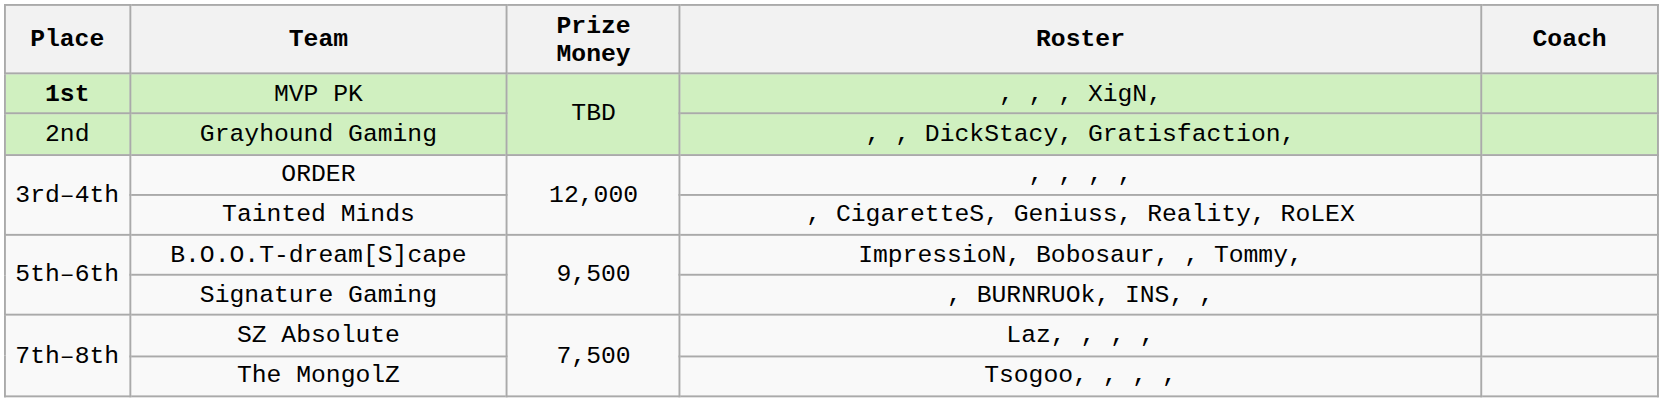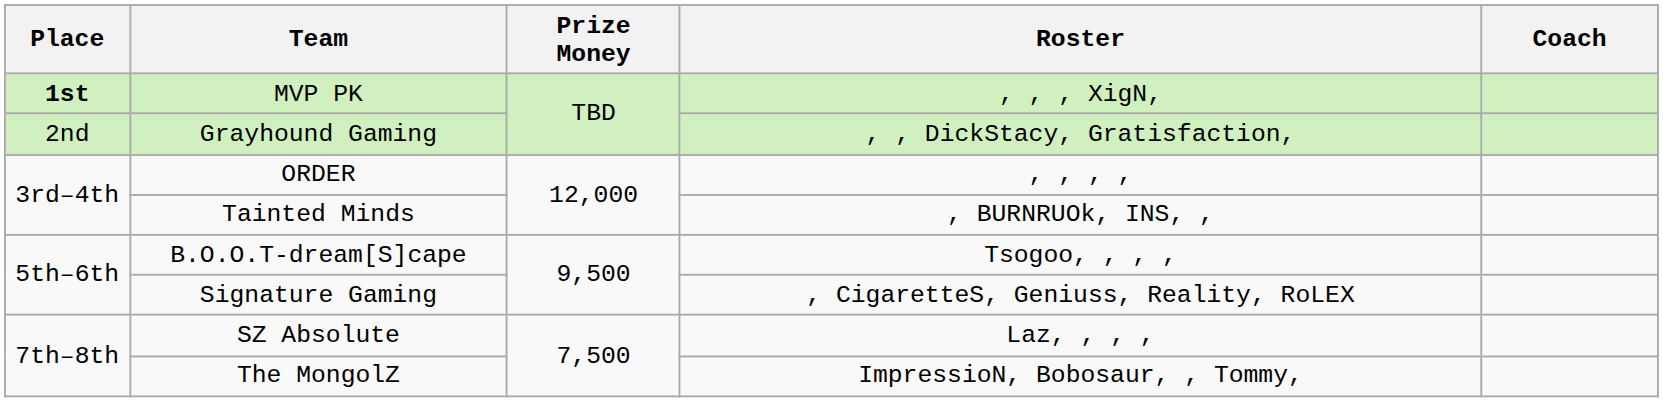 <table class="wikitable" style="text-align:center">
 <tr>
 <th width="65px">Place</th>
 <th width="220">Team</th>
 <th width="95">Prize Money</th>
 <th width="500px">Roster</th>
 <th width="100">Coach</th>
 </tr>
 <tr style="background: #D0F0C0;">
 <td><strong>1st</strong></td>
 <td>MVP PK</td>
 <td rowspan="2">TBD</td>
 <td>, , , XigN, </td>
 <td></td>
 </tr>
 <tr style="background: #D0F0C0;">
 <td>2nd</td>
 <td>Grayhound Gaming</td>
 <td>, , DickStacy, Gratisfaction, </td>
 <td></td>
 </tr>
 <tr>
 <td rowspan="2">3rd–4th</td>
 <td>ORDER</td>
 <td rowspan="2">12,000</td>
 <td>, , , , </td>
 <td></td>
 </tr>
 <tr>
 <td>Tainted Minds</td>
-<td>, CigaretteS, Geniuss, Reality, RoLEX</td>
+<td>, BURNRUOk, INS, , </td>
 <td></td>
 </tr>
 <tr>
 <td rowspan="2">5th–6th</td>
 <td>B.O.O.T-dream[S]cape</td>
 <td rowspan="2">9,500</td>
-<td>ImpressioN, Bobosaur, , Tommy, </td>
+<td>Tsogoo, , , , </td>
 <td></td>
 </tr>
 <tr>
 <td>Signature Gaming</td>
-<td>, BURNRUOk, INS, , </td>
+<td>, CigaretteS, Geniuss, Reality, RoLEX</td>
 <td></td>
 </tr>
 <tr>
 <td rowspan="2">7th–8th</td>
 <td>SZ Absolute</td>
 <td rowspan="2">7,500</td>
 <td>Laz, , , , </td>
 <td></td>
 </tr>
 <tr>
 <td>The MongolZ</td>
-<td>Tsogoo, , , , </td>
+<td>ImpressioN, Bobosaur, , Tommy, </td>
 <td></td>
 </tr>
 </table>
